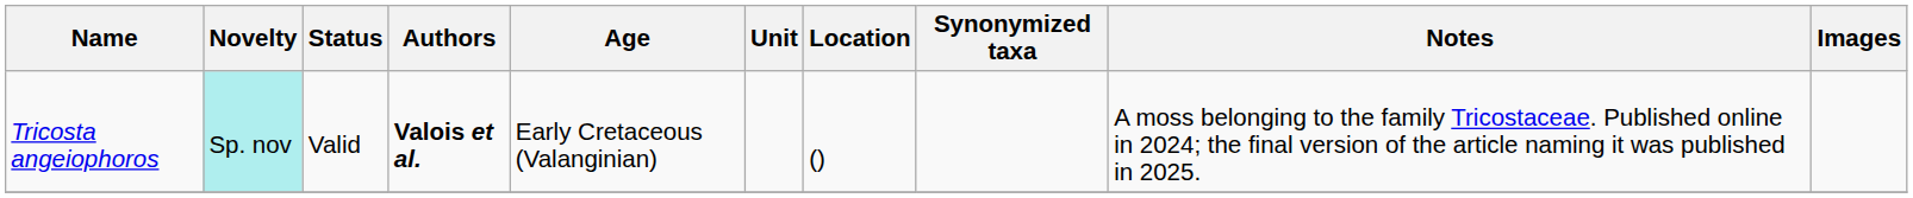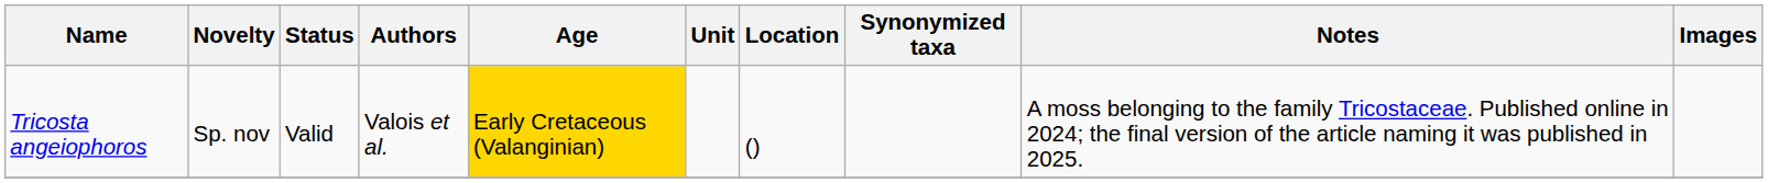 <table class="wikitable sortable" align="center">
 <tr>
 <th>Name</th>
 <th>Novelty</th>
 <th>Status</th>
 <th>Authors</th>
 <th>Age</th>
 <th>Unit</th>
 <th>Location</th>
 <th>Synonymized taxa</th>
 <th>Notes</th>
 <th>Images</th>
 </tr>
 <tr>
 <td><br><em><a href='#'>Tricosta angeiophoros</a></em></td>
-<td style="background: paleturquoise;"><br>Sp. nov</td>
+<td><br>Sp. nov</td>
 <td><br>Valid</td>
-<td><strong><br>Valois <em>et al.</em></strong></td>
-<td><br>Early Cretaceous (Valanginian)</td>
+<td><br>Valois <em>et al.</em></td>
+<td style="background: gold;"><br>Early Cretaceous (Valanginian)</td>
 <td></td>
 <td><br><br>()</td>
 <td></td>
 <td><br>A moss belonging to the family <a href='#'>Tricostaceae</a>. Published online in 2024; the final version of the article naming it was published in 2025.</td>
 <td></td>
 </tr>
 <tr>
 </tr>
 </table>
